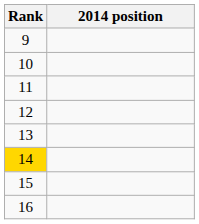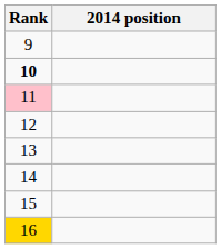 <table class="wikitable" style="text-align: center;">
 <tr>
 <th width="20">Rank</th>
 <th width="150">2014 position</th>
 </tr>
 <tr>
 <td>9</td>
 <td align=left></td>
 </tr>
 <tr>
-<td>10</td>
+<td><strong>10</strong></td>
 <td align=left></td>
 </tr>
 <tr>
-<td>11</td>
+<td style="background: pink;">11</td>
 <td align=left></td>
 </tr>
 <tr>
 <td>12</td>
 <td align=left></td>
 </tr>
 <tr>
 <td>13</td>
 <td align=left></td>
 </tr>
 <tr>
-<td style="background: gold;">14</td>
+<td>14</td>
 <td align=left></td>
 </tr>
 <tr>
 <td>15</td>
 <td align=left></td>
 </tr>
 <tr>
-<td>16</td>
+<td style="background: gold;">16</td>
 <td align=left></td>
 </tr>
 </table>
